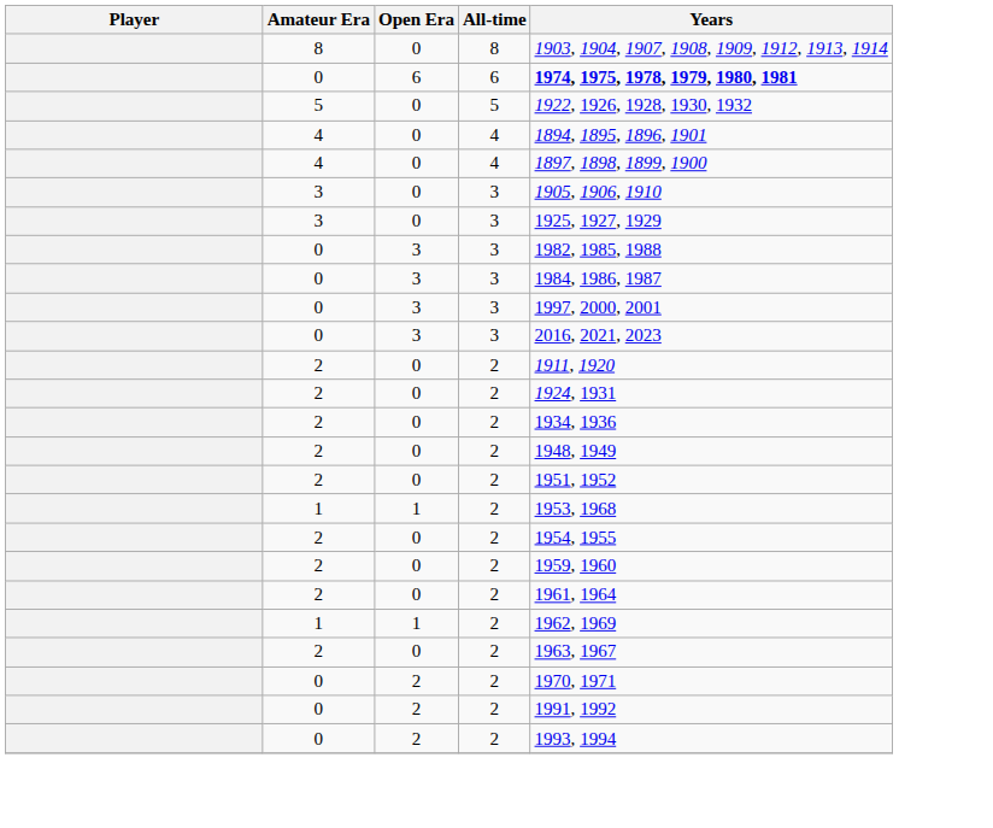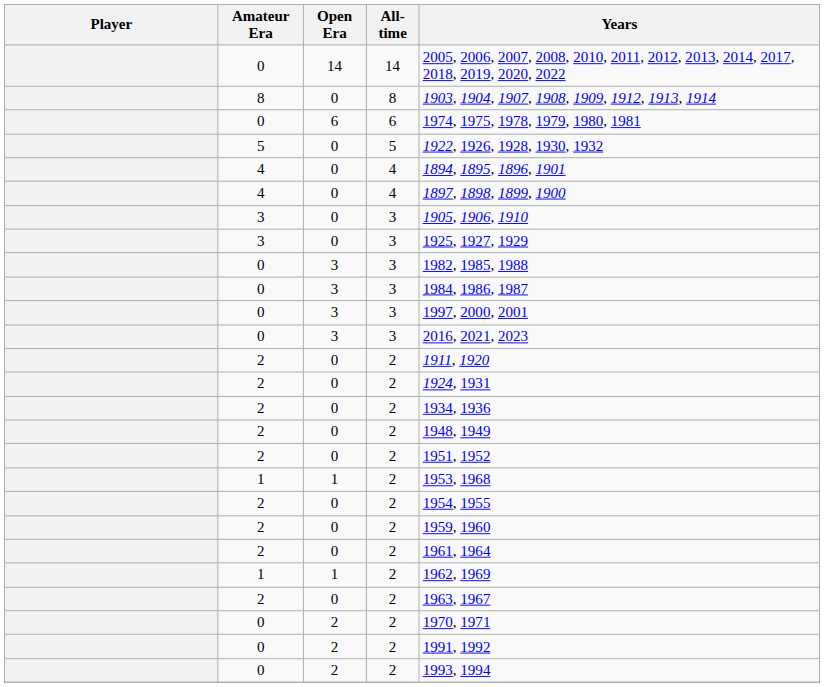 <table class="sortable wikitable plainrowheaders">
 <tr>
 <th scope="col" width="220">Player</th>
 <th scope=col>Amateur Era</th>
 <th scope=col>Open Era</th>
 <th scope=col>All-time</th>
 <th scope=col class="unsortable">Years</th>
+</tr>
+<tr>
+<th scope=row></th>
+<td style="text-align: center;">0</td>
+<td style="text-align: center;">14</td>
+<td style="text-align: center;">14</td>
+<td><a href='#'>2005</a>, <a href='#'>2006</a>, <a href='#'>2007</a>, <a href='#'>2008</a>, <a href='#'>2010</a>, <a href='#'>2011</a>, <a href='#'>2012</a>, <a href='#'>2013</a>, <a href='#'>2014</a>, <a href='#'>2017</a>, <a href='#'>2018</a>, <a href='#'>2019</a>, <a href='#'>2020</a>, <a href='#'>2022</a></td>
 </tr>
 <tr>
 <th scope=row></th>
 <td style="text-align: center;">8</td>
 <td style="text-align: center;">0</td>
 <td style="text-align: center;">8</td>
 <td><em><a href='#'>1903</a></em>, <em><a href='#'>1904</a></em>, <em><a href='#'>1907</a></em>, <em><a href='#'>1908</a></em>, <em><a href='#'>1909</a></em>, <em><a href='#'>1912</a></em>, <em><a href='#'>1913</a></em>, <em><a href='#'>1914</a></em></td>
 </tr>
 <tr>
 <th scope=row></th>
 <td style="text-align: center;">0</td>
 <td style="text-align: center;">6</td>
 <td style="text-align: center;">6</td>
-<td><strong><a href='#'>1974</a>, <a href='#'>1975</a>, <a href='#'>1978</a>, <a href='#'>1979</a>, <a href='#'>1980</a>, <a href='#'>1981</a></strong></td>
+<td><a href='#'>1974</a>, <a href='#'>1975</a>, <a href='#'>1978</a>, <a href='#'>1979</a>, <a href='#'>1980</a>, <a href='#'>1981</a></td>
 </tr>
 <tr>
 <th scope=row></th>
 <td style="text-align: center;">5</td>
 <td style="text-align: center;">0</td>
 <td style="text-align: center;">5</td>
 <td><em><a href='#'>1922</a></em>, <a href='#'>1926</a>, <a href='#'>1928</a>, <a href='#'>1930</a>, <a href='#'>1932</a></td>
 </tr>
 <tr>
 <th scope=row></th>
 <td style="text-align: center;">4</td>
 <td style="text-align: center;">0</td>
 <td style="text-align: center;">4</td>
 <td><em><a href='#'>1894</a></em>, <em><a href='#'>1895</a></em>, <em><a href='#'>1896</a></em>, <em><a href='#'>1901</a></em></td>
 </tr>
 <tr>
 <th scope=row></th>
 <td style="text-align: center;">4</td>
 <td style="text-align: center;">0</td>
 <td style="text-align: center;">4</td>
 <td><em><a href='#'>1897</a></em>, <em><a href='#'>1898</a></em>, <em><a href='#'>1899</a></em>, <em><a href='#'>1900</a></em></td>
 </tr>
 <tr>
 <th scope=row></th>
 <td style="text-align: center;">3</td>
 <td style="text-align: center;">0</td>
 <td style="text-align: center;">3</td>
 <td><em><a href='#'>1905</a></em>, <em><a href='#'>1906</a></em>, <em><a href='#'>1910</a></em></td>
 </tr>
 <tr>
 <th scope=row></th>
 <td style="text-align: center;">3</td>
 <td style="text-align: center;">0</td>
 <td style="text-align: center;">3</td>
 <td><a href='#'>1925</a>, <a href='#'>1927</a>, <a href='#'>1929</a></td>
 </tr>
 <tr>
 <th scope=row></th>
 <td style="text-align: center;">0</td>
 <td style="text-align: center;">3</td>
 <td style="text-align: center;">3</td>
 <td><a href='#'>1982</a>, <a href='#'>1985</a>, <a href='#'>1988</a></td>
 </tr>
 <tr>
 <th scope=row></th>
 <td style="text-align: center;">0</td>
 <td style="text-align: center;">3</td>
 <td style="text-align: center;">3</td>
 <td><a href='#'>1984</a>, <a href='#'>1986</a>, <a href='#'>1987</a></td>
 </tr>
 <tr>
 <th scope=row></th>
 <td style="text-align: center;">0</td>
 <td style="text-align: center;">3</td>
 <td style="text-align: center;">3</td>
 <td><a href='#'>1997</a>, <a href='#'>2000</a>, <a href='#'>2001</a></td>
 </tr>
 <tr>
 <th scope=row></th>
 <td style="text-align: center;">0</td>
 <td style="text-align: center;">3</td>
 <td style="text-align: center;">3</td>
 <td><a href='#'>2016</a>, <a href='#'>2021</a>, <a href='#'>2023</a></td>
 </tr>
 <tr>
 <th scope=row></th>
 <td style="text-align: center;">2</td>
 <td style="text-align: center;">0</td>
 <td style="text-align: center;">2</td>
 <td><em><a href='#'>1911</a></em>, <em><a href='#'>1920</a></em></td>
 </tr>
 <tr>
 <th scope=row></th>
 <td style="text-align: center;">2</td>
 <td style="text-align: center;">0</td>
 <td style="text-align: center;">2</td>
 <td><em><a href='#'>1924</a></em>, <a href='#'>1931</a></td>
 </tr>
 <tr>
 <th scope=row></th>
 <td style="text-align: center;">2</td>
 <td style="text-align: center;">0</td>
 <td style="text-align: center;">2</td>
 <td><a href='#'>1934</a>, <a href='#'>1936</a></td>
 </tr>
 <tr>
 <th scope=row></th>
 <td style="text-align: center;">2</td>
 <td style="text-align: center;">0</td>
 <td style="text-align: center;">2</td>
 <td><a href='#'>1948</a>, <a href='#'>1949</a></td>
 </tr>
 <tr>
 <th scope=row></th>
 <td style="text-align: center;">2</td>
 <td style="text-align: center;">0</td>
 <td style="text-align: center;">2</td>
 <td><a href='#'>1951</a>, <a href='#'>1952</a></td>
 </tr>
 <tr>
 <th scope=row></th>
 <td style="text-align: center;">1</td>
 <td style="text-align: center;">1</td>
 <td style="text-align: center;">2</td>
 <td><a href='#'>1953</a>, <a href='#'>1968</a></td>
 </tr>
 <tr>
 <th scope=row></th>
 <td style="text-align: center;">2</td>
 <td style="text-align: center;">0</td>
 <td style="text-align: center;">2</td>
 <td><a href='#'>1954</a>, <a href='#'>1955</a></td>
 </tr>
 <tr>
 <th scope=row></th>
 <td style="text-align: center;">2</td>
 <td style="text-align: center;">0</td>
 <td style="text-align: center;">2</td>
 <td><a href='#'>1959</a>, <a href='#'>1960</a></td>
 </tr>
 <tr>
 <th scope=row></th>
 <td style="text-align: center;">2</td>
 <td style="text-align: center;">0</td>
 <td style="text-align: center;">2</td>
 <td><a href='#'>1961</a>, <a href='#'>1964</a></td>
 </tr>
 <tr>
 <th scope=row></th>
 <td style="text-align: center;">1</td>
 <td style="text-align: center;">1</td>
 <td style="text-align: center;">2</td>
 <td><a href='#'>1962</a>, <a href='#'>1969</a></td>
 </tr>
 <tr>
 <th scope=row></th>
 <td style="text-align: center;">2</td>
 <td style="text-align: center;">0</td>
 <td style="text-align: center;">2</td>
 <td><a href='#'>1963</a>, <a href='#'>1967</a></td>
 </tr>
 <tr>
 <th scope=row></th>
 <td style="text-align: center;">0</td>
 <td style="text-align: center;">2</td>
 <td style="text-align: center;">2</td>
 <td><a href='#'>1970</a>, <a href='#'>1971</a></td>
 </tr>
 <tr>
 <th scope=row></th>
 <td style="text-align: center;">0</td>
 <td style="text-align: center;">2</td>
 <td style="text-align: center;">2</td>
 <td><a href='#'>1991</a>, <a href='#'>1992</a></td>
 </tr>
 <tr>
 <th scope=row></th>
 <td style="text-align: center;">0</td>
 <td style="text-align: center;">2</td>
 <td style="text-align: center;">2</td>
 <td><a href='#'>1993</a>, <a href='#'>1994</a></td>
 </tr>
 <tr>
 </tr>
 </table>
